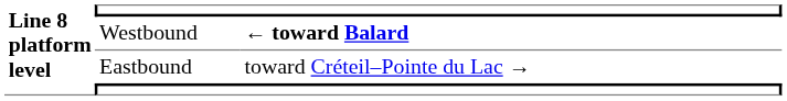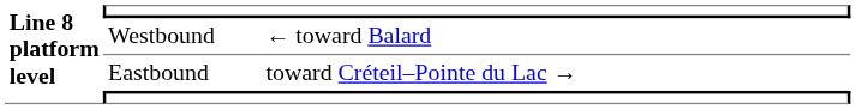 <table border=0 cellspacing=0 cellpadding=3>
 <tr>
 <td style="border-bottom:solid 1px gray;" width=50 rowspan=10 valign=top><strong>Line 8 platform level</strong></td>
 <td style="border-top:solid 1px gray;border-right:solid 2px black;border-left:solid 2px black;border-bottom:solid 2px black;text-align:center;" colspan=2></td>
 </tr>
 <tr>
 <td style="border-bottom:solid 1px gray;" width=100>Westbound</td>
-<td style="border-bottom:solid 1px gray;" width=390><strong>←   toward <a href='#'>Balard</a> </strong></td>
+<td style="border-bottom:solid 1px gray;" width=390>←   toward <a href='#'>Balard</a> </td>
 </tr>
 <tr>
 <td>Eastbound</td>
 <td>   toward <a href='#'>Créteil–Pointe du Lac</a>  →</td>
 </tr>
 <tr>
 <td style="border-top:solid 2px black;border-right:solid 2px black;border-left:solid 2px black;border-bottom:solid 1px gray;text-align:center;" colspan=2></td>
 </tr>
 </table>
